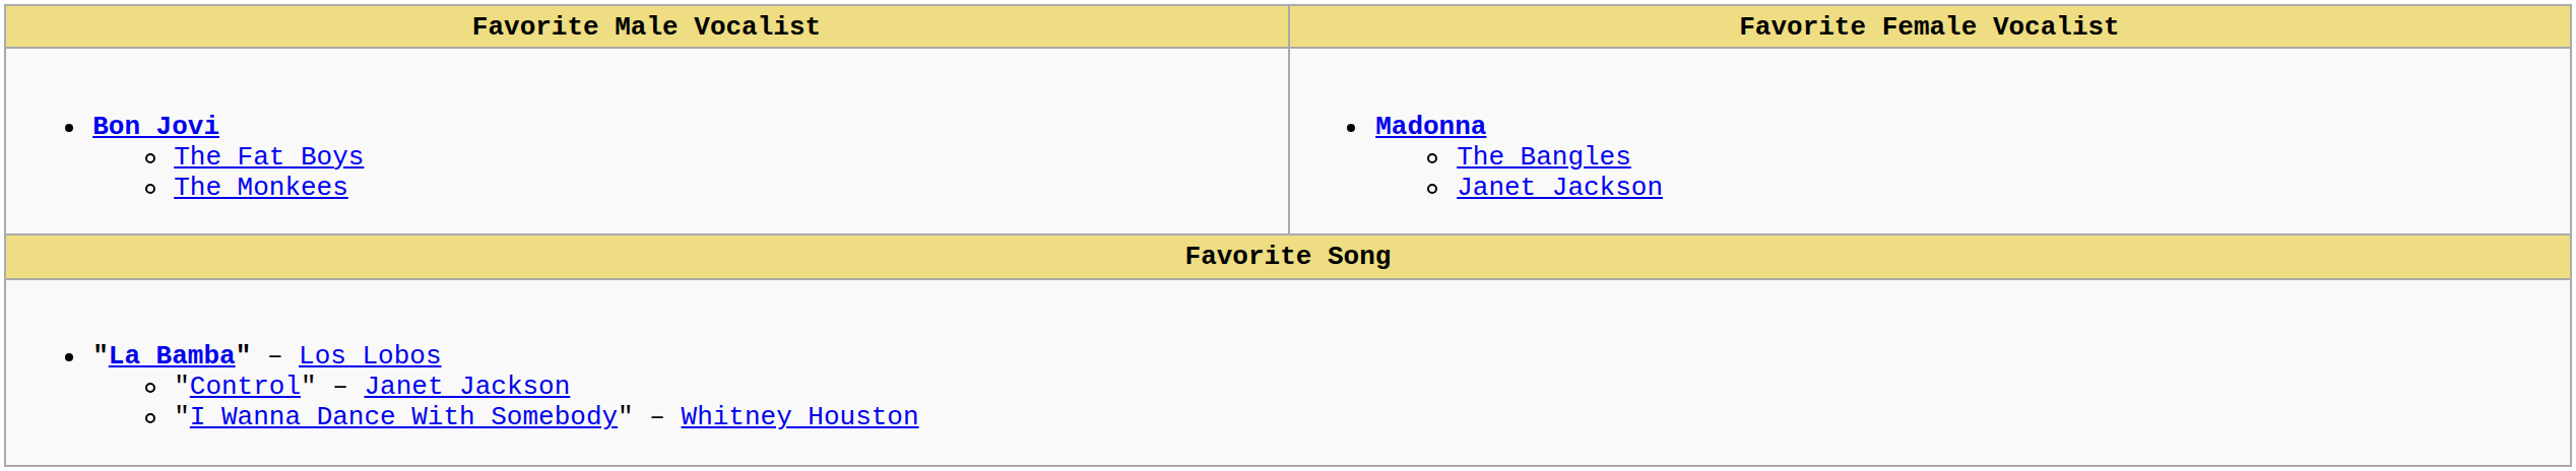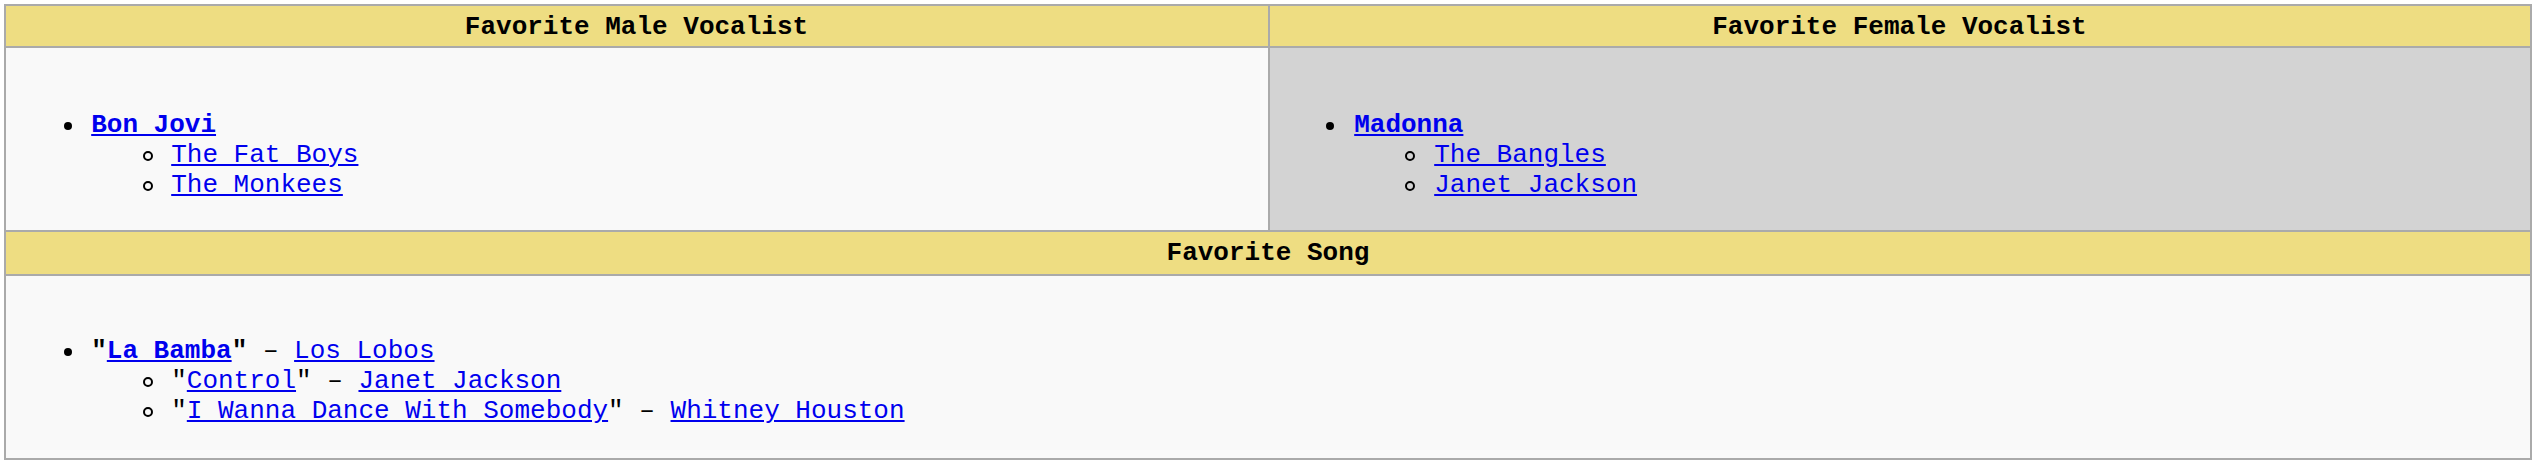 <table class="wikitable" style="width:100%">
 <tr>
 <th style="background:#EEDD82; width:50%">Favorite Male Vocalist</th>
 <th style="background:#EEDD82; width:50%">Favorite Female Vocalist</th>
 </tr>
 <tr>
 <td valign="top"><br><ul><li><strong><a href='#'>Bon Jovi</a></strong><ul><li><a href='#'>The Fat Boys</a></li><li><a href='#'>The Monkees</a></li></ul></li></ul></td>
-<td valign="top"><br><ul><li><strong><a href='#'>Madonna</a></strong><ul><li><a href='#'>The Bangles</a></li><li><a href='#'>Janet Jackson</a></li></ul></li></ul></td>
+<td valign="top" style="background: lightgrey;"><br><ul><li><strong><a href='#'>Madonna</a></strong><ul><li><a href='#'>The Bangles</a></li><li><a href='#'>Janet Jackson</a></li></ul></li></ul></td>
 </tr>
 <tr>
 <th style="background:#EEDD82;" colspan="2">Favorite Song</th>
 </tr>
 <tr>
 <td colspan="2" valign="top"><br><ul><li><strong>"<a href='#'>La Bamba</a>"</strong> – <a href='#'>Los Lobos</a><ul><li>"<a href='#'>Control</a>" – <a href='#'>Janet Jackson</a></li><li>"<a href='#'>I Wanna Dance With Somebody</a>" – <a href='#'>Whitney Houston</a></li></ul></li></ul></td>
 </tr>
 </table>
